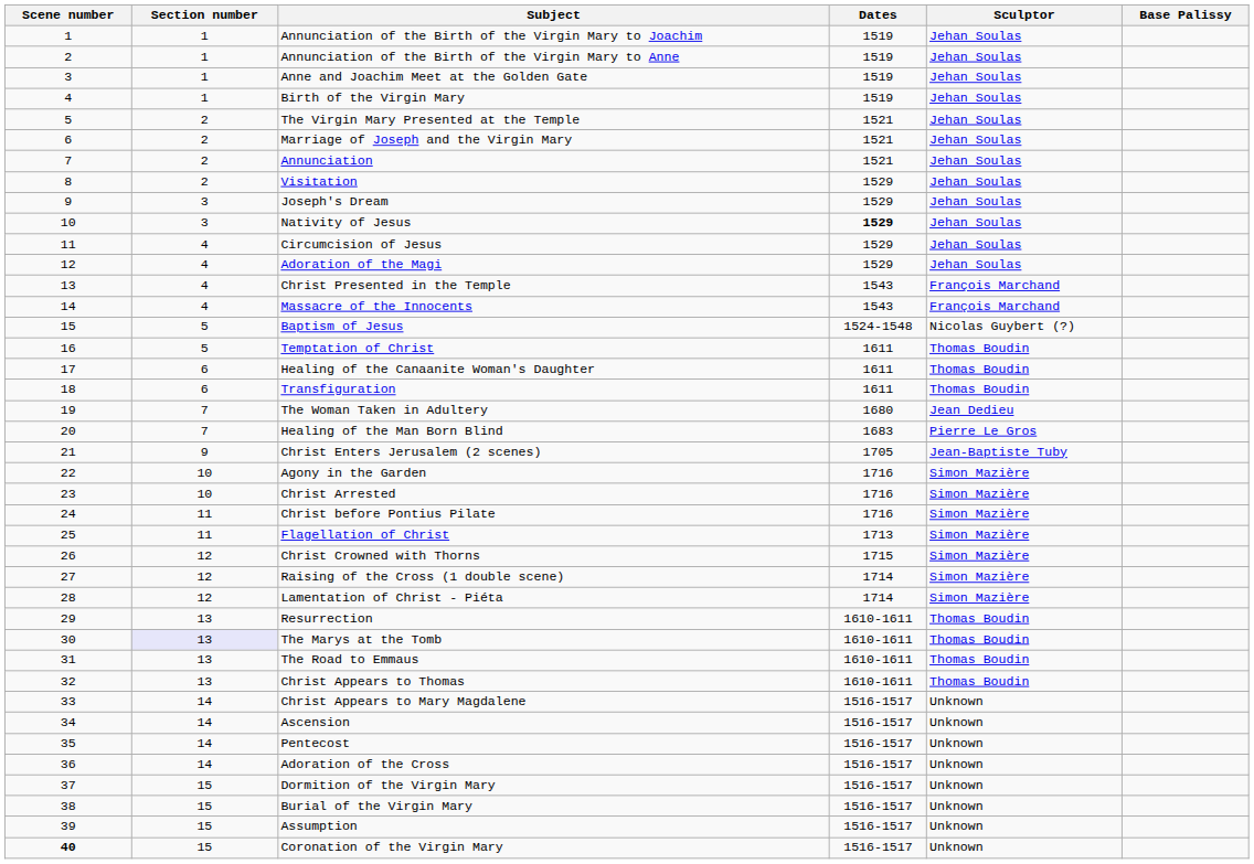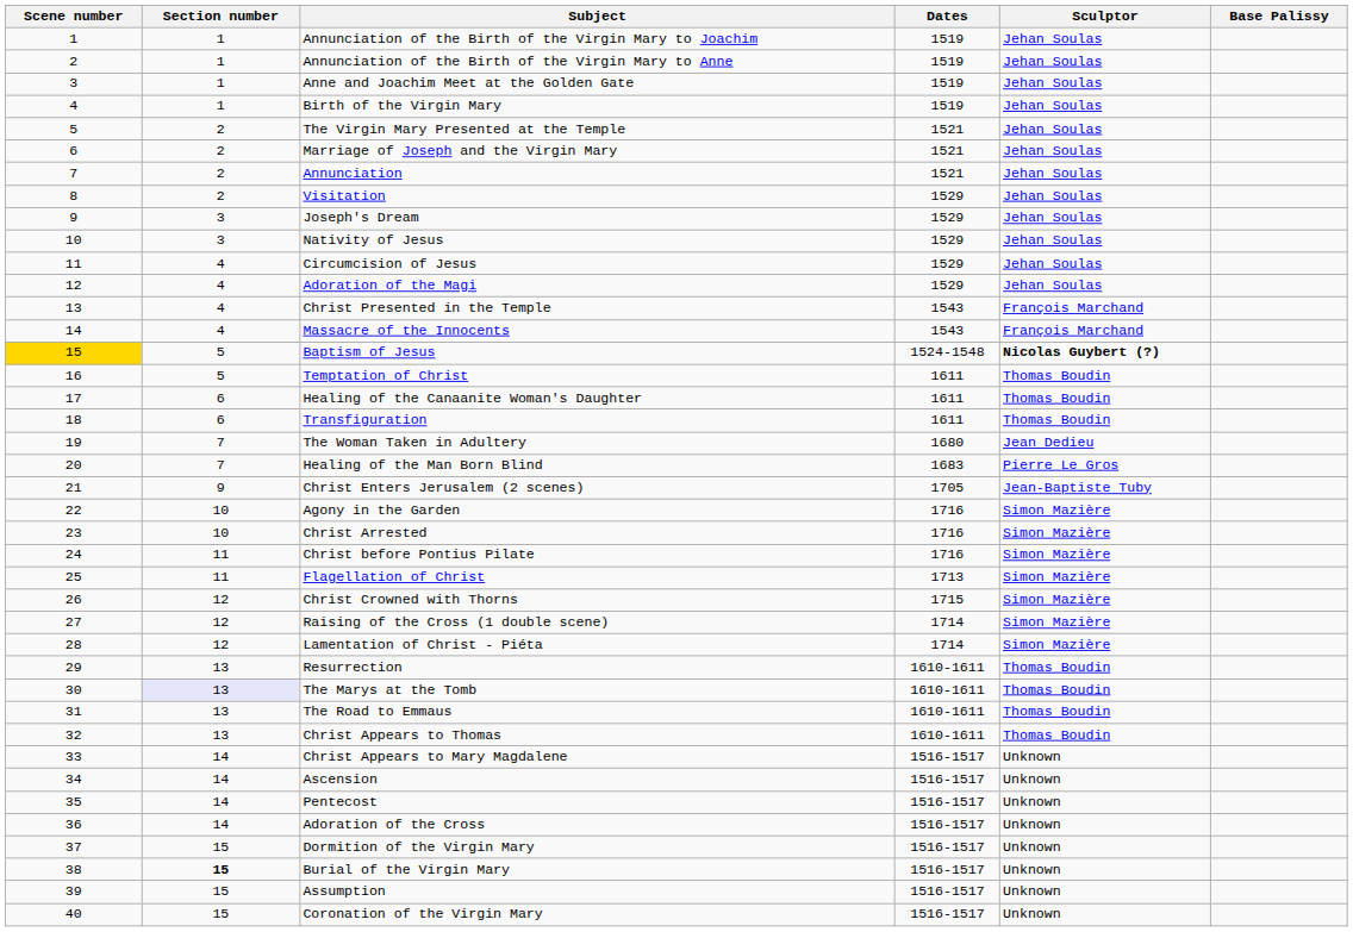 <table class="wikitable centre sortable" style="width:80%;text-align:left;font-size:100%;">
 <tr>
 <th>Scene number</th>
 <th>Section number</th>
 <th>Subject</th>
 <th>Dates</th>
 <th>Sculptor</th>
 <th>Base Palissy</th>
 </tr>
 <tr>
 <td align="center">1</td>
 <td align="center">1</td>
 <td>Annunciation of the Birth of the Virgin Mary to <a href='#'>Joachim</a></td>
 <td align="center">1519</td>
 <td><a href='#'>Jehan Soulas</a></td>
 <td></td>
 </tr>
 <tr>
 <td align="center">2</td>
 <td align="center">1</td>
 <td>Annunciation of the Birth of the Virgin Mary to <a href='#'>Anne</a></td>
 <td align="center">1519</td>
 <td><a href='#'>Jehan Soulas</a></td>
 <td></td>
 </tr>
 <tr>
 <td align="center">3</td>
 <td align="center">1</td>
 <td>Anne and Joachim Meet at the Golden Gate</td>
 <td align="center">1519</td>
 <td><a href='#'>Jehan Soulas</a></td>
 <td></td>
 </tr>
 <tr>
 <td align="center">4</td>
 <td align="center">1</td>
 <td>Birth of the Virgin Mary</td>
 <td align="center">1519</td>
 <td><a href='#'>Jehan Soulas</a></td>
 <td></td>
 </tr>
 <tr>
 <td align="center">5</td>
 <td align="center">2</td>
 <td>The Virgin Mary Presented at the Temple</td>
 <td align="center">1521</td>
 <td><a href='#'>Jehan Soulas</a></td>
 <td></td>
 </tr>
 <tr>
 <td align="center">6</td>
 <td align="center">2</td>
 <td>Marriage of <a href='#'>Joseph</a> and the Virgin Mary</td>
 <td align="center">1521</td>
 <td><a href='#'>Jehan Soulas</a></td>
 <td></td>
 </tr>
 <tr>
 <td align="center">7</td>
 <td align="center">2</td>
 <td><a href='#'>Annunciation</a></td>
 <td align="center">1521</td>
 <td><a href='#'>Jehan Soulas</a></td>
 <td></td>
 </tr>
 <tr>
 <td align="center">8</td>
 <td align="center">2</td>
 <td><a href='#'>Visitation</a></td>
 <td align="center">1529</td>
 <td><a href='#'>Jehan Soulas</a></td>
 <td></td>
 </tr>
 <tr>
 <td align="center">9</td>
 <td align="center">3</td>
 <td>Joseph's Dream</td>
 <td align="center">1529</td>
 <td><a href='#'>Jehan Soulas</a></td>
 <td></td>
 </tr>
 <tr>
 <td align="center">10</td>
 <td align="center">3</td>
 <td>Nativity of Jesus</td>
-<td align="center"><strong>1529</strong></td>
+<td align="center">1529</td>
 <td><a href='#'>Jehan Soulas</a></td>
 <td></td>
 </tr>
 <tr>
 <td align="center">11</td>
 <td align="center">4</td>
 <td>Circumcision of Jesus</td>
 <td align="center">1529</td>
 <td><a href='#'>Jehan Soulas</a></td>
 <td></td>
 </tr>
 <tr>
 <td align="center">12</td>
 <td align="center">4</td>
 <td><a href='#'>Adoration of the Magi</a></td>
 <td align="center">1529</td>
 <td><a href='#'>Jehan Soulas</a></td>
 <td></td>
 </tr>
 <tr>
 <td align="center">13</td>
 <td align="center">4</td>
 <td>Christ Presented in the Temple</td>
 <td align="center">1543</td>
 <td><a href='#'>François Marchand</a></td>
 <td></td>
 </tr>
 <tr>
 <td align="center">14</td>
 <td align="center">4</td>
 <td><a href='#'>Massacre of the Innocents</a></td>
 <td align="center">1543</td>
 <td><a href='#'>François Marchand</a></td>
 <td></td>
 </tr>
 <tr>
-<td align="center">15</td>
+<td align="center" style="background: gold;">15</td>
 <td align="center">5</td>
 <td><a href='#'>Baptism of Jesus</a></td>
 <td align="center">1524-1548</td>
-<td>Nicolas Guybert (?)</td>
+<td><strong>Nicolas Guybert (?)</strong></td>
 <td></td>
 </tr>
 <tr>
 <td align="center">16</td>
 <td align="center">5</td>
 <td><a href='#'>Temptation of Christ</a></td>
 <td align="center">1611</td>
 <td><a href='#'>Thomas Boudin</a></td>
 <td></td>
 </tr>
 <tr>
 <td align="center">17</td>
 <td align="center">6</td>
 <td>Healing of the Canaanite Woman's Daughter</td>
 <td align="center">1611</td>
 <td><a href='#'>Thomas Boudin</a></td>
 <td></td>
 </tr>
 <tr>
 <td align="center">18</td>
 <td align="center">6</td>
 <td><a href='#'>Transfiguration</a></td>
 <td align="center">1611</td>
 <td><a href='#'>Thomas Boudin</a></td>
 <td></td>
 </tr>
 <tr>
 <td align="center">19</td>
 <td align="center">7</td>
 <td>The Woman Taken in Adultery</td>
 <td align="center">1680</td>
 <td><a href='#'>Jean Dedieu</a></td>
 <td></td>
 </tr>
 <tr>
 <td align="center">20</td>
 <td align="center">7</td>
 <td>Healing of the Man Born Blind</td>
 <td align="center">1683</td>
 <td><a href='#'>Pierre Le Gros</a></td>
 <td></td>
 </tr>
 <tr>
 <td align="center">21</td>
 <td align="center">9</td>
 <td>Christ Enters Jerusalem (2 scenes)</td>
 <td align="center">1705</td>
 <td><a href='#'>Jean-Baptiste Tuby</a></td>
 <td></td>
 </tr>
 <tr>
 <td align="center">22</td>
 <td align="center">10</td>
 <td>Agony in the Garden</td>
 <td align="center">1716</td>
 <td><a href='#'>Simon Mazière</a></td>
 <td></td>
 </tr>
 <tr>
 <td align="center">23</td>
 <td align="center">10</td>
 <td>Christ Arrested</td>
 <td align="center">1716</td>
 <td><a href='#'>Simon Mazière</a></td>
 <td></td>
 </tr>
 <tr>
 <td align="center">24</td>
 <td align="center">11</td>
 <td>Christ before Pontius Pilate</td>
 <td align="center">1716</td>
 <td><a href='#'>Simon Mazière</a></td>
 <td></td>
 </tr>
 <tr>
 <td align="center">25</td>
 <td align="center">11</td>
 <td><a href='#'>Flagellation of Christ</a></td>
 <td align="center">1713</td>
 <td><a href='#'>Simon Mazière</a></td>
 <td></td>
 </tr>
 <tr>
 <td align="center">26</td>
 <td align="center">12</td>
 <td>Christ Crowned with Thorns</td>
 <td align="center">1715</td>
 <td><a href='#'>Simon Mazière</a></td>
 <td></td>
 </tr>
 <tr>
 <td align="center">27</td>
 <td align="center">12</td>
 <td>Raising of the Cross (1 double scene)</td>
 <td align="center">1714</td>
 <td><a href='#'>Simon Mazière</a></td>
 <td></td>
 </tr>
 <tr>
 <td align="center">28</td>
 <td align="center">12</td>
 <td>Lamentation of Christ - Piéta</td>
 <td align="center">1714</td>
 <td><a href='#'>Simon Mazière</a></td>
 <td></td>
 </tr>
 <tr>
 <td align="center">29</td>
 <td align="center">13</td>
 <td>Resurrection</td>
 <td align="center">1610-1611</td>
 <td><a href='#'>Thomas Boudin</a></td>
 <td></td>
 </tr>
 <tr>
 <td align="center">30</td>
 <td align="center" style="background: lavender;">13</td>
 <td>The Marys at the Tomb</td>
 <td align="center">1610-1611</td>
 <td><a href='#'>Thomas Boudin</a></td>
 <td></td>
 </tr>
 <tr>
 <td align="center">31</td>
 <td align="center">13</td>
 <td>The Road to Emmaus</td>
 <td align="center">1610-1611</td>
 <td><a href='#'>Thomas Boudin</a></td>
 <td></td>
 </tr>
 <tr>
 <td align="center">32</td>
 <td align="center">13</td>
 <td>Christ Appears to Thomas</td>
 <td align="center">1610-1611</td>
 <td><a href='#'>Thomas Boudin</a></td>
 <td></td>
 </tr>
 <tr>
 <td align="center">33</td>
 <td align="center">14</td>
 <td>Christ Appears to Mary Magdalene</td>
 <td align="center">1516-1517</td>
 <td>Unknown</td>
 <td></td>
 </tr>
 <tr>
 <td align="center">34</td>
 <td align="center">14</td>
 <td>Ascension</td>
 <td align="center">1516-1517</td>
 <td>Unknown</td>
 <td></td>
 </tr>
 <tr>
 <td align="center">35</td>
 <td align="center">14</td>
 <td>Pentecost</td>
 <td align="center">1516-1517</td>
 <td>Unknown</td>
 <td></td>
 </tr>
 <tr>
 <td align="center">36</td>
 <td align="center">14</td>
 <td>Adoration of the Cross</td>
 <td align="center">1516-1517</td>
 <td>Unknown</td>
 <td></td>
 </tr>
 <tr>
 <td align="center">37</td>
 <td align="center">15</td>
 <td>Dormition of the Virgin Mary</td>
 <td align="center">1516-1517</td>
 <td>Unknown</td>
 <td></td>
 </tr>
 <tr>
 <td align="center">38</td>
-<td align="center">15</td>
+<td align="center"><strong>15</strong></td>
 <td>Burial of the Virgin Mary</td>
 <td align="center">1516-1517</td>
 <td>Unknown</td>
 <td></td>
 </tr>
 <tr>
 <td align="center">39</td>
 <td align="center">15</td>
 <td>Assumption</td>
 <td align="center">1516-1517</td>
 <td>Unknown</td>
 <td></td>
 </tr>
 <tr>
-<td align="center"><strong>40</strong></td>
+<td align="center">40</td>
 <td align="center">15</td>
 <td>Coronation of the Virgin Mary</td>
 <td align="center">1516-1517</td>
 <td>Unknown</td>
 <td></td>
 </tr>
 </table>
